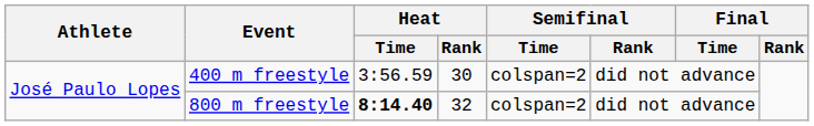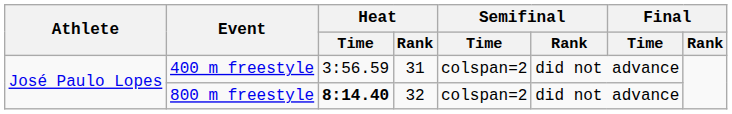 <table class=wikitable style="font-size:90%">
 <tr>
 <th rowspan="2">Athlete</th>
 <th rowspan="2">Event</th>
 <th colspan="2">Heat</th>
 <th colspan="2">Semifinal</th>
 <th colspan="2">Final</th>
 </tr>
 <tr style="font-size:95%">
 <th>Time</th>
 <th>Rank</th>
 <th>Time</th>
 <th>Rank</th>
 <th>Time</th>
 <th>Rank</th>
 </tr>
 <tr style="text-align:center">
 <td style="text-align:left" rowspan=2><a href='#'>José Paulo Lopes</a></td>
 <td style="text-align:left"><a href='#'>400 m freestyle</a></td>
 <td>3:56.59</td>
-<td>30</td>
+<td>31</td>
 <td>colspan=2</td>
 <td colspan=2>did not advance</td>
 </tr>
 <tr style="text-align:center">
 <td style="text-align:left"><a href='#'>800 m freestyle</a></td>
 <td><strong>8:14.40</strong></td>
 <td>32</td>
 <td>colspan=2</td>
 <td colspan=2>did not advance</td>
 </tr>
 </table>
